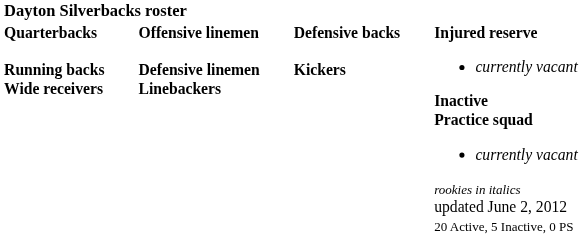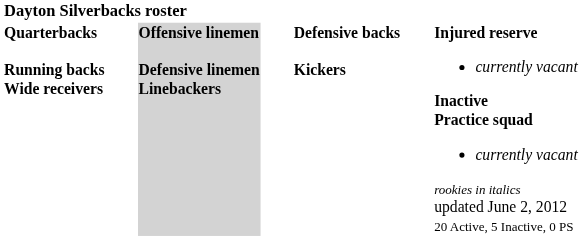 <table class="toccolours" style="text-align: left;">
 <tr>
 <th colspan="7"><strong>Dayton Silverbacks roster</strong></th>
 </tr>
 <tr>
 <td style="font-size: 95%;" valign="top"><strong>Quarterbacks</strong><br> <br><strong>Running backs</strong> <br><strong>Wide receivers</strong>   </td>
 <td style="width: 25px;"></td>
-<td style="font-size: 95%;" valign="top"><strong>Offensive linemen</strong><br>  <br><strong>Defensive linemen</strong>   <br><strong>Linebackers</strong>  </td>
+<td style="background: lightgrey; font-size: 95%;" valign="top"><strong>Offensive linemen</strong><br>  <br><strong>Defensive linemen</strong>   <br><strong>Linebackers</strong>  </td>
 <td style="width: 25px;"></td>
 <td style="font-size: 95%;" valign="top"><strong>Defensive backs</strong><br>    <br><strong>Kickers</strong> </td>
 <td style="width: 25px;"></td>
 <td style="font-size: 95%;" valign="top"><strong>Injured reserve</strong><br><ul><li><em>currently vacant</em></li></ul><strong>Inactive</strong>     <br><strong>Practice squad</strong><ul><li><em>currently vacant</em></li></ul><small><em>rookies in italics</em></small><br>  updated June 2, 2012<br> <small>20 Active, 5 Inactive, 0 PS</small></td>
 </tr>
 <tr>
 </tr>
 </table>
